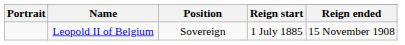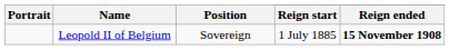 <table class="wikitable" style="text-align:center">
 <tr>
 <th rowspan=2>Portrait</th>
 <th width=150 rowspan=2>Name</th>
 <th width=120 rowspan=2>Position</th>
 </tr>
 <tr>
 <th>Reign start</th>
 <th>Reign ended</th>
 </tr>
 <tr>
 <td></td>
 <td><a href='#'>Leopold II of Belgium</a><br></td>
 <td rowspan=2>Sovereign</td>
 <td>1 July 1885</td>
-<td>15 November 1908</td>
+<td><strong>15 November 1908</strong></td>
 </tr>
 </table>
